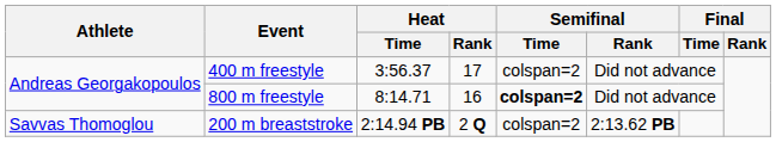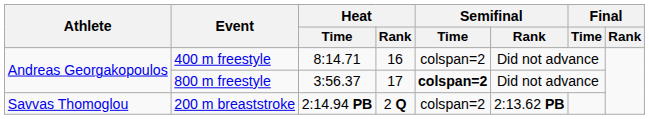 <table class=wikitable style="font-size:90%">
 <tr>
 <th rowspan=2>Athlete</th>
 <th rowspan=2>Event</th>
 <th colspan="2">Heat</th>
 <th colspan="2">Semifinal</th>
 <th colspan="2">Final</th>
 </tr>
 <tr style="font-size:95%">
 <th>Time</th>
 <th>Rank</th>
 <th>Time</th>
 <th>Rank</th>
 <th>Time</th>
 <th>Rank</th>
 </tr>
 <tr align=center>
 <td align=left rowspan=2><a href='#'>Andreas Georgakopoulos</a></td>
 <td align=left><a href='#'>400 m freestyle</a></td>
-<td>3:56.37</td>
-<td>17</td>
+<td>8:14.71</td>
+<td>16</td>
 <td>colspan=2 </td>
 <td colspan=2>Did not advance</td>
 </tr>
 <tr align=center>
 <td align=left><a href='#'>800 m freestyle</a></td>
-<td>8:14.71</td>
-<td>16</td>
+<td>3:56.37</td>
+<td>17</td>
 <td><strong>colspan=2 </strong></td>
 <td colspan=2>Did not advance</td>
 </tr>
 <tr align=center>
 <td align=left><a href='#'>Savvas Thomoglou</a></td>
 <td align=left><a href='#'>200 m breaststroke</a></td>
 <td>2:14.94 <strong>PB</strong></td>
 <td>2 <strong>Q</strong></td>
 <td>colspan=2 </td>
 <td>2:13.62 <strong>PB</strong></td>
 <td></td>
 </tr>
 </table>
